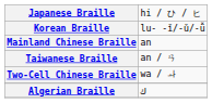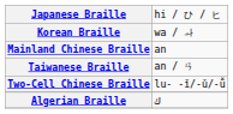 <table class="wikitable">
 <tr>
 <th align=left><a href='#'>Japanese Braille</a></th>
 <td>hi / ひ / ヒ </td>
 </tr>
 <tr>
 <th align=left><a href='#'>Korean Braille</a></th>
-<td>lu- -ǐ/-ǔ/-ǚ</td>
+<td>wa / ㅘ </td>
 </tr>
 <tr>
 <th align=left><a href='#'>Mainland Chinese Braille</a></th>
 <td>an </td>
 </tr>
 <tr>
 <th align=left><a href='#'>Taiwanese Braille</a></th>
 <td>an / ㄢ</td>
 </tr>
 <tr>
 <th align=left><a href='#'>Two-Cell Chinese Braille</a></th>
-<td>wa / ㅘ </td>
+<td>lu- -ǐ/-ǔ/-ǚ</td>
 </tr>
 <tr>
 </tr>
 <tr>
 </tr>
 <tr>
 <th align=left><a href='#'>Algerian Braille</a></th>
 <td>ك ‎</td>
 </tr>
 <tr>
 </tr>
 </table>
